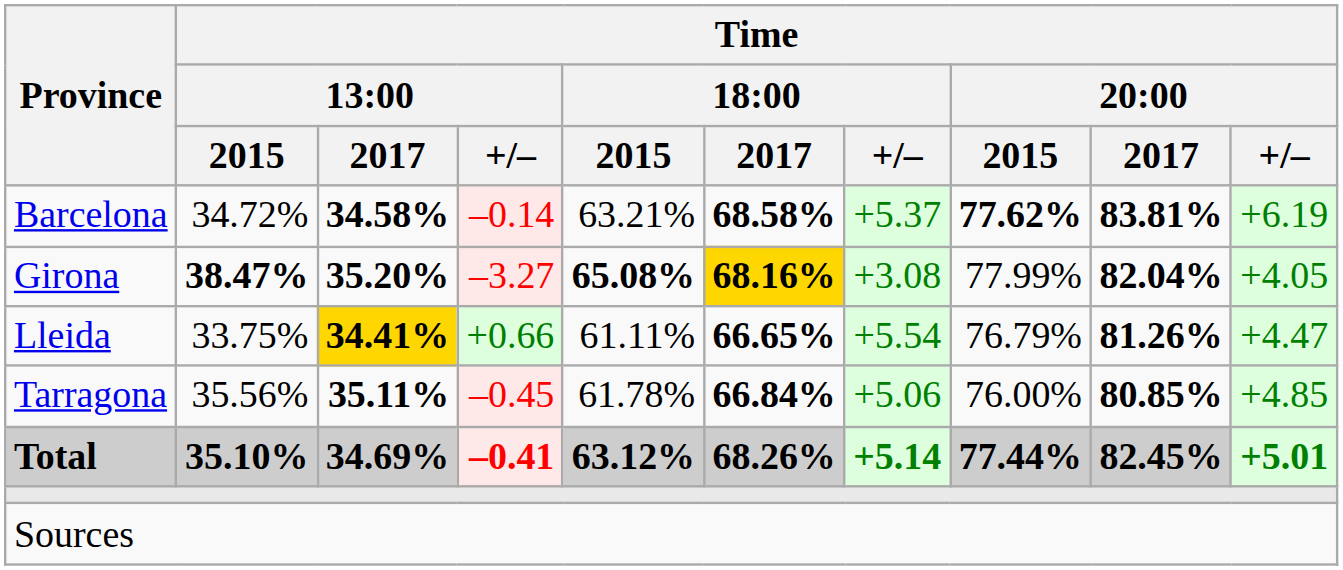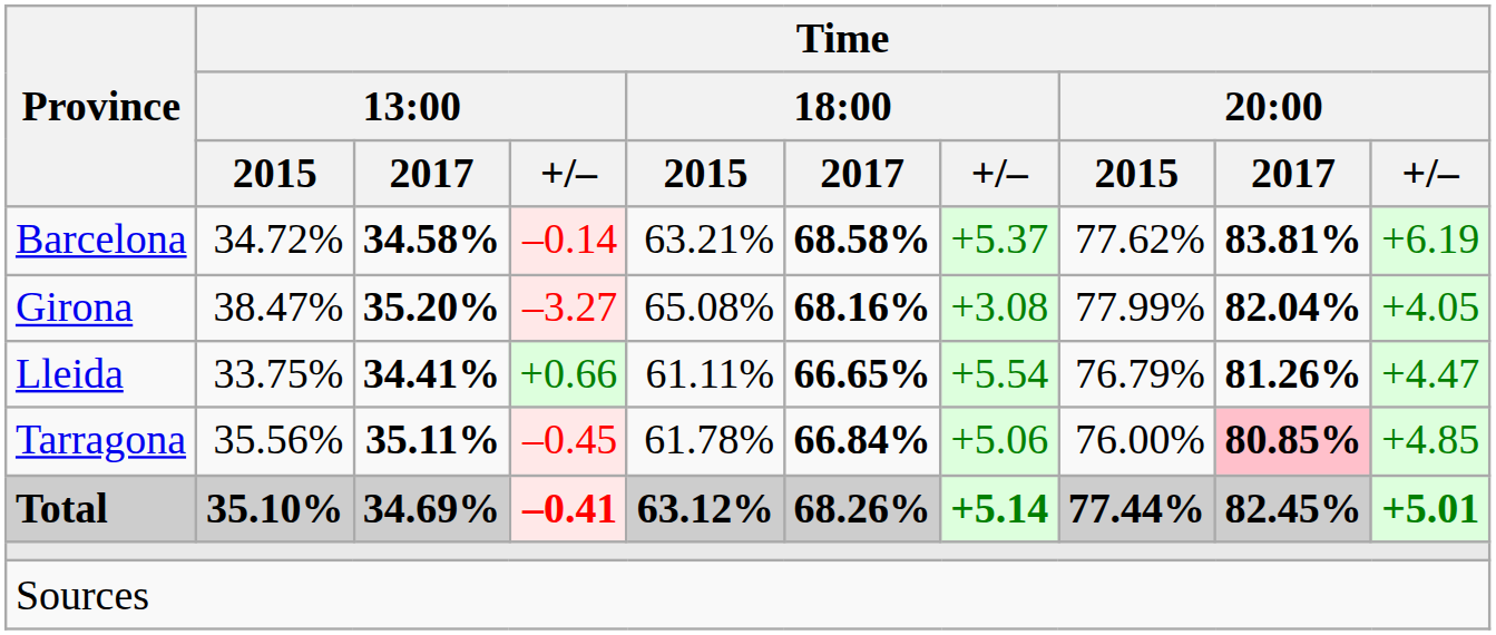 <table class="wikitable sortable" style="text-align:right;">
 <tr>
 <th rowspan="3">Province</th>
 <th colspan="9">Time</th>
 </tr>
 <tr>
 <th colspan="3">13:00</th>
 <th colspan="3">18:00</th>
 <th colspan="3">20:00</th>
 </tr>
 <tr>
 <th>2015</th>
 <th>2017</th>
 <th>+/–</th>
 <th>2015</th>
 <th>2017</th>
 <th>+/–</th>
 <th>2015</th>
 <th>2017</th>
 <th>+/–</th>
 </tr>
 <tr>
 <td align="left"><a href='#'>Barcelona</a></td>
 <td>34.72%</td>
 <td><strong>34.58%</strong></td>
 <td style="background:#FFE8E8; color:red;">–0.14</td>
 <td>63.21%</td>
 <td><strong>68.58%</strong></td>
 <td style="background:#DDFFDD; color:green;">+5.37</td>
-<td><strong>77.62%</strong></td>
+<td>77.62%</td>
 <td><strong>83.81%</strong></td>
 <td style="background:#DDFFDD; color:green;">+6.19</td>
 </tr>
 <tr>
 <td align="left"><a href='#'>Girona</a></td>
-<td><strong>38.47%</strong></td>
+<td>38.47%</td>
 <td><strong>35.20%</strong></td>
 <td style="background:#FFE8E8; color:red;">–3.27</td>
-<td><strong>65.08%</strong></td>
-<td style="background: gold;"><strong>68.16%</strong></td>
+<td>65.08%</td>
+<td><strong>68.16%</strong></td>
 <td style="background:#DDFFDD; color:green;">+3.08</td>
 <td>77.99%</td>
 <td><strong>82.04%</strong></td>
 <td style="background:#DDFFDD; color:green;">+4.05</td>
 </tr>
 <tr>
 <td align="left"><a href='#'>Lleida</a></td>
 <td>33.75%</td>
-<td style="background: gold;"><strong>34.41%</strong></td>
+<td><strong>34.41%</strong></td>
 <td style="background:#DDFFDD; color:green;">+0.66</td>
 <td>61.11%</td>
 <td><strong>66.65%</strong></td>
 <td style="background:#DDFFDD; color:green;">+5.54</td>
 <td>76.79%</td>
 <td><strong>81.26%</strong></td>
 <td style="background:#DDFFDD; color:green;">+4.47</td>
 </tr>
 <tr>
 <td align="left"><a href='#'>Tarragona</a></td>
 <td>35.56%</td>
 <td><strong>35.11%</strong></td>
 <td style="background:#FFE8E8; color:red;">–0.45</td>
 <td>61.78%</td>
 <td><strong>66.84%</strong></td>
 <td style="background:#DDFFDD; color:green;">+5.06</td>
 <td>76.00%</td>
-<td><strong>80.85%</strong></td>
+<td style="background: pink;"><strong>80.85%</strong></td>
 <td style="background:#DDFFDD; color:green;">+4.85</td>
 </tr>
 <tr style="background:#CDCDCD;">
 <td align="left"><strong>Total</strong></td>
 <td><strong>35.10%</strong></td>
 <td><strong>34.69%</strong></td>
 <td style="background:#FFE8E8; color:red;"><strong>–0.41</strong></td>
 <td><strong>63.12%</strong></td>
 <td><strong>68.26%</strong></td>
 <td style="background:#DDFFDD; color:green;"><strong>+5.14</strong></td>
 <td><strong>77.44%</strong></td>
 <td><strong>82.45%</strong></td>
 <td style="background:#DDFFDD; color:green;"><strong>+5.01</strong></td>
 </tr>
 <tr>
 <td colspan="10" bgcolor="#E9E9E9"></td>
 </tr>
 <tr>
 <td align="left" colspan="10">Sources</td>
 </tr>
 </table>
